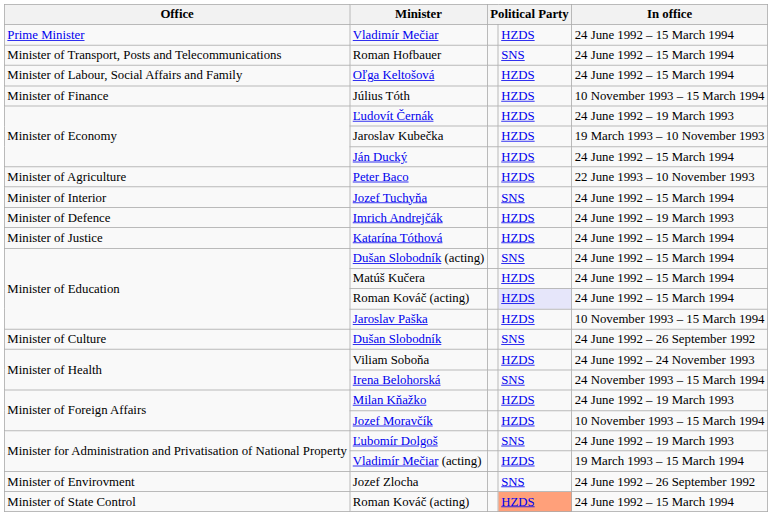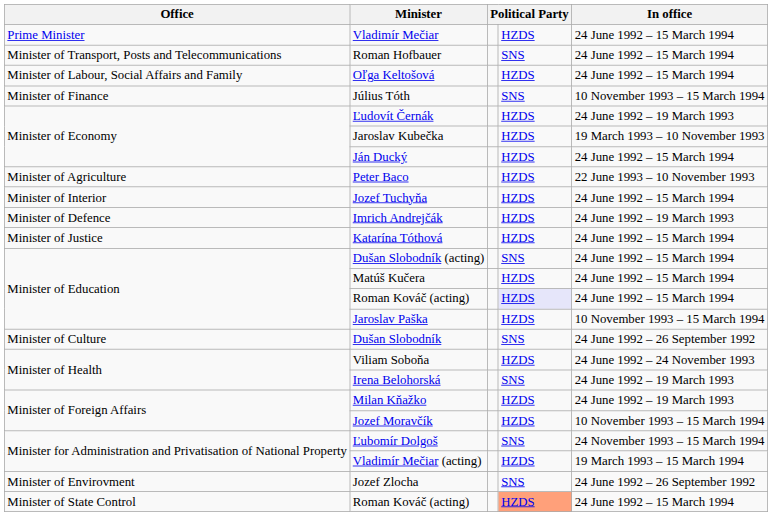 <table class="wikitable">
 <tr>
 <th>Office</th>
 <th>Minister</th>
 <th colspan="2">Political Party</th>
 <th>In office</th>
 </tr>
 <tr>
 <td><a href='#'>Prime Minister</a></td>
 <td><a href='#'>Vladimír Mečiar</a></td>
 <td style="background-color: "></td>
 <td><a href='#'>HZDS</a></td>
 <td>24 June 1992 – 15 March 1994</td>
 </tr>
 <tr>
 <td>Minister of Transport, Posts and Telecommunications</td>
 <td>Roman Hofbauer</td>
 <td style="background-color: "></td>
 <td><a href='#'>SNS</a></td>
 <td>24 June 1992 – 15 March 1994</td>
 </tr>
 <tr>
 <td>Minister of Labour, Social Affairs and Family</td>
 <td><a href='#'>Oľga Keltošová</a></td>
 <td style="background-color: "></td>
 <td><a href='#'>HZDS</a></td>
 <td>24 June 1992 – 15 March 1994</td>
 </tr>
 <tr>
 <td>Minister of Finance</td>
 <td>Július Tóth</td>
 <td style="background-color: "></td>
-<td><a href='#'>HZDS</a></td>
+<td><a href='#'>SNS</a></td>
 <td>10 November 1993 – 15 March 1994</td>
 </tr>
 <tr>
 <td rowspan="3">Minister of Economy</td>
 <td><a href='#'>Ľudovít Černák</a></td>
 <td style="background-color: "></td>
 <td><a href='#'>HZDS</a></td>
 <td>24 June 1992 – 19 March 1993</td>
 </tr>
 <tr>
 <td>Jaroslav Kubečka</td>
 <td style="background-color: "></td>
 <td><a href='#'>HZDS</a></td>
 <td>19 March 1993 – 10 November 1993</td>
 </tr>
 <tr>
 <td><a href='#'>Ján Ducký</a></td>
 <td style="background-color: "></td>
 <td><a href='#'>HZDS</a></td>
 <td>24 June 1992 – 15 March 1994</td>
 </tr>
 <tr>
 <td>Minister of Agriculture</td>
 <td><a href='#'>Peter Baco</a></td>
 <td style="background-color: "></td>
 <td><a href='#'>HZDS</a></td>
 <td>22 June 1993 – 10 November 1993</td>
 </tr>
 <tr>
 <td>Minister of Interior</td>
 <td><a href='#'>Jozef Tuchyňa</a></td>
 <td style="background-color: "></td>
-<td><a href='#'>SNS</a></td>
+<td><a href='#'>HZDS</a></td>
 <td>24 June 1992 – 15 March 1994</td>
 </tr>
 <tr>
 <td>Minister of Defence</td>
 <td><a href='#'>Imrich Andrejčák</a></td>
 <td style="background-color: "></td>
 <td><a href='#'>HZDS</a></td>
 <td>24 June 1992 – 19 March 1993</td>
 </tr>
 <tr>
 <td>Minister of Justice</td>
 <td><a href='#'>Katarína Tóthová</a></td>
 <td style="background-color: "></td>
 <td><a href='#'>HZDS</a></td>
 <td>24 June 1992 – 15 March 1994</td>
 </tr>
 <tr>
 <td rowspan="4">Minister of Education</td>
 <td><a href='#'>Dušan Slobodník</a> (acting)</td>
 <td style="background-color: "></td>
 <td><a href='#'>SNS</a></td>
 <td>24 June 1992 – 15 March 1994</td>
 </tr>
 <tr>
 <td>Matúš Kučera</td>
 <td style="background-color: "></td>
 <td><a href='#'>HZDS</a></td>
 <td>24 June 1992 – 15 March 1994</td>
 </tr>
 <tr>
 <td>Roman Kováč (acting)</td>
 <td style="background-color: "></td>
 <td style="background: lavender;"><a href='#'>HZDS</a></td>
 <td>24 June 1992 – 15 March 1994</td>
 </tr>
 <tr>
 <td><a href='#'>Jaroslav Paška</a></td>
 <td style="background-color: "></td>
 <td><a href='#'>HZDS</a></td>
 <td>10 November 1993 – 15 March 1994</td>
 </tr>
 <tr>
 <td>Minister of Culture</td>
 <td><a href='#'>Dušan Slobodník</a></td>
 <td style="background-color: "></td>
 <td><a href='#'>SNS</a></td>
 <td>24 June 1992 – 26 September 1992</td>
 </tr>
 <tr>
 <td rowspan="2">Minister of Health</td>
 <td>Viliam Soboňa</td>
 <td style="background-color: "></td>
 <td><a href='#'>HZDS</a></td>
 <td>24 June 1992 – 24 November 1993</td>
 </tr>
 <tr>
 <td><a href='#'>Irena Belohorská</a></td>
 <td style="background-color: "></td>
 <td><a href='#'>SNS</a></td>
-<td>24 November 1993 – 15 March 1994</td>
+<td>24 June 1992 – 19 March 1993</td>
 </tr>
 <tr>
 <td rowspan="2">Minister of Foreign Affairs</td>
 <td><a href='#'>Milan Kňažko</a></td>
 <td style="background-color: "></td>
 <td><a href='#'>HZDS</a></td>
 <td>24 June 1992 – 19 March 1993</td>
 </tr>
 <tr>
 <td><a href='#'>Jozef Moravčík</a></td>
 <td style="background-color: "></td>
 <td><a href='#'>HZDS</a></td>
 <td>10 November 1993 – 15 March 1994</td>
 </tr>
 <tr>
 <td rowspan="2">Minister for Administration and Privatisation of National Property</td>
 <td><a href='#'>Ľubomír Dolgoš</a></td>
 <td style="background-color: "></td>
 <td><a href='#'>SNS</a></td>
-<td>24 June 1992 – 19 March 1993</td>
+<td>24 November 1993 – 15 March 1994</td>
 </tr>
 <tr>
 <td><a href='#'>Vladimír Mečiar</a> (acting)</td>
 <td style="background-color: "></td>
 <td><a href='#'>HZDS</a></td>
 <td>19 March 1993 – 15 March 1994</td>
 </tr>
 <tr>
 <td>Minister of Envirovment</td>
 <td>Jozef Zlocha</td>
 <td style="background-color: "></td>
 <td><a href='#'>SNS</a></td>
 <td>24 June 1992 – 26 September 1992</td>
 </tr>
 <tr>
 <td>Minister of State Control</td>
 <td>Roman Kováč (acting)</td>
 <td style="background-color: "></td>
 <td style="background: lightsalmon;"><a href='#'>HZDS</a></td>
 <td>24 June 1992 – 15 March 1994</td>
 </tr>
 </table>
